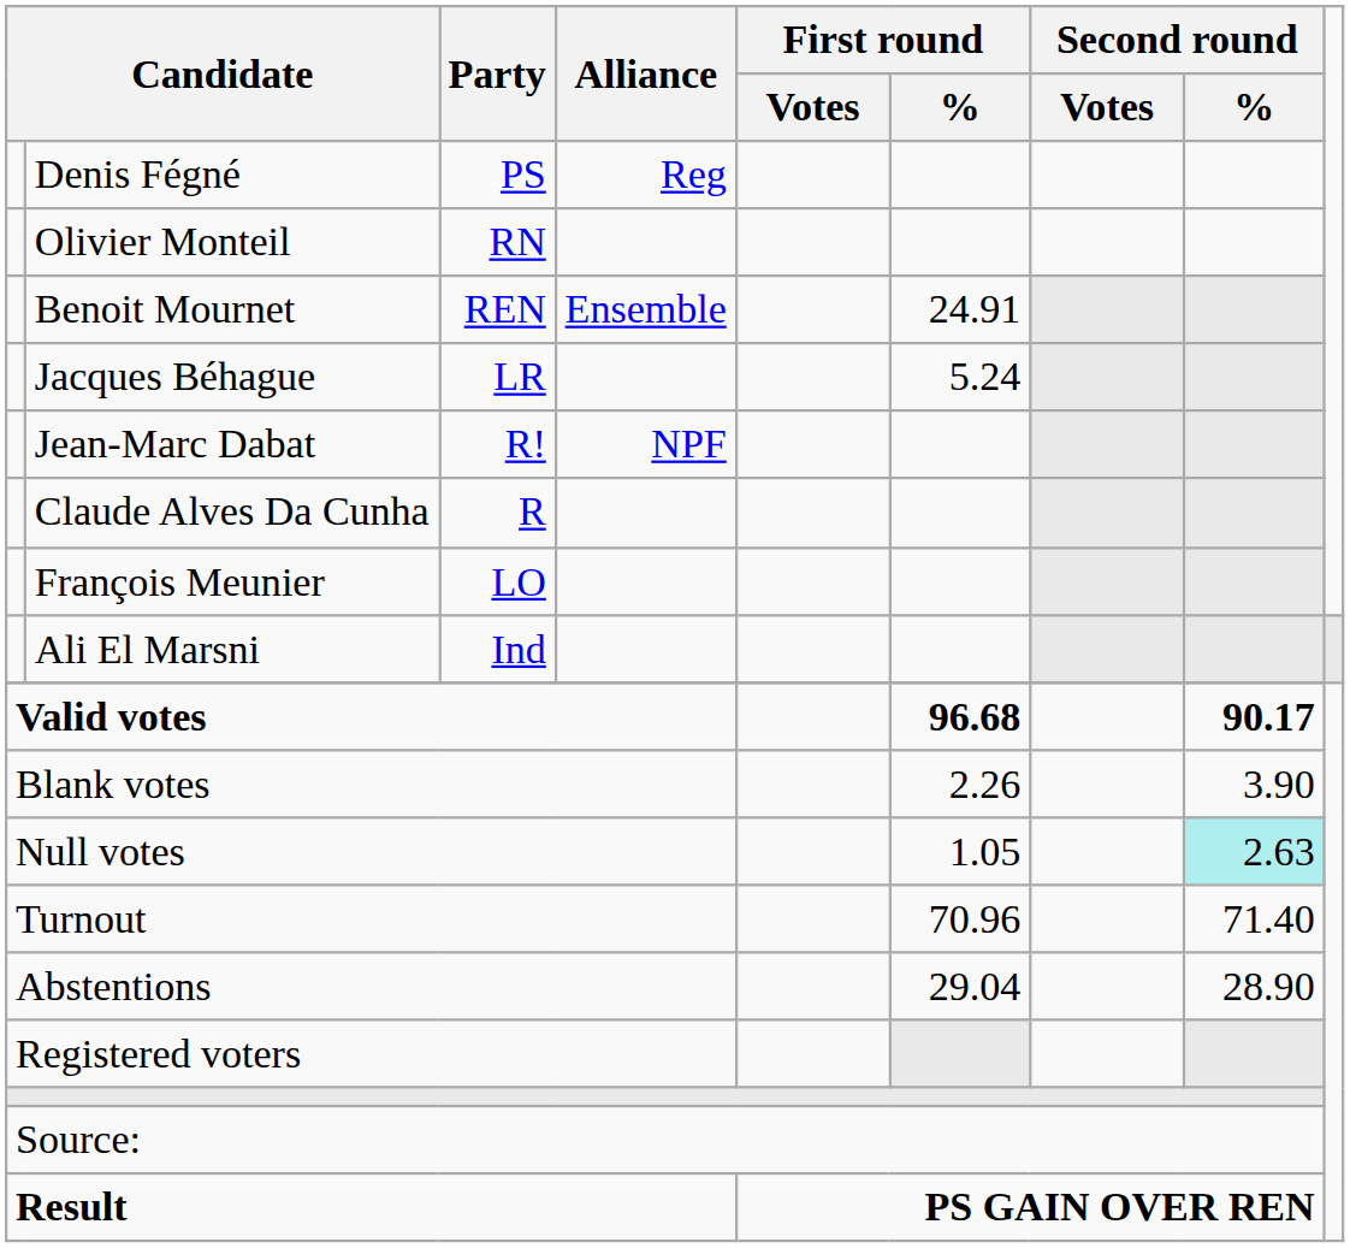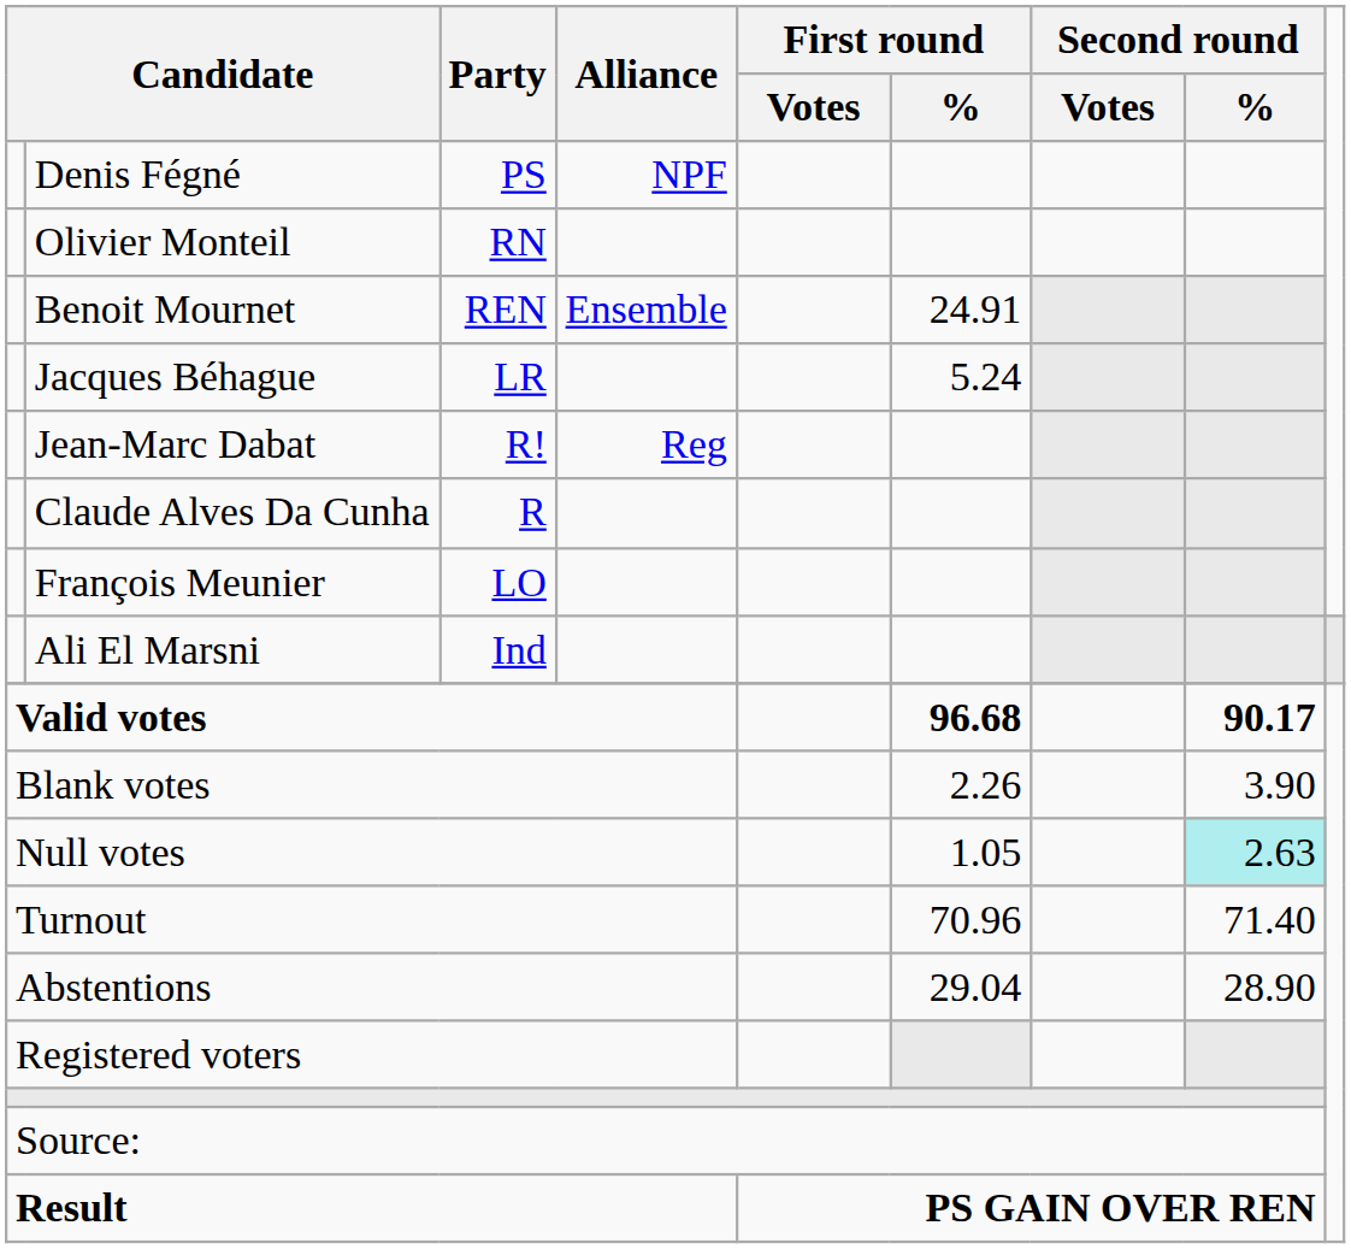 <table class="wikitable" style="text-align:right;font-size:95%;">
 <tr>
 <th colspan="2" rowspan="2">Candidate</th>
 <th colspan="1" rowspan="2">Party</th>
 <th colspan="1" rowspan="2">Alliance</th>
 <th colspan="2">First round</th>
 <th colspan="2">Second round</th>
 </tr>
 <tr>
 <th style="width:50px;">Votes</th>
 <th style="width:45px;">%</th>
 <th style="width:50px;">Votes</th>
 <th style="width:45px;">%</th>
 </tr>
 <tr>
 <td style="color:inherit;background:"></td>
 <td style="text-align:left;">Denis Fégné</td>
 <td><a href='#'>PS</a></td>
-<td><a href='#'>Reg</a></td>
+<td><a href='#'>NPF</a></td>
 <td><strong></strong></td>
 <td><strong></strong></td>
 <td><strong></strong></td>
 <td><strong></strong></td>
 </tr>
 <tr>
 <td style="color:inherit;background:"></td>
 <td style="text-align:left;">Olivier Monteil</td>
 <td><a href='#'>RN</a></td>
 <td></td>
 <td><strong></strong></td>
 <td><strong></strong></td>
 <td></td>
 <td></td>
 </tr>
 <tr>
 <td style="color:inherit;background:"></td>
 <td style="text-align:left;">Benoit Mournet</td>
 <td><a href='#'>REN</a></td>
 <td><a href='#'>Ensemble</a></td>
 <td></td>
 <td>24.91</td>
 <td style="background:#E9E9E9;"></td>
 <td style="background:#E9E9E9;"></td>
 </tr>
 <tr>
 <td style="color:inherit;background:"></td>
 <td style="text-align:left;">Jacques Béhague</td>
 <td><a href='#'>LR</a></td>
 <td></td>
 <td></td>
 <td>5.24</td>
 <td style="background:#E9E9E9;"></td>
 <td style="background:#E9E9E9;"></td>
 </tr>
 <tr>
 <td style="color:inherit;background:"></td>
 <td style="text-align:left;">Jean-Marc Dabat</td>
 <td><a href='#'>R!</a></td>
-<td><a href='#'>NPF</a></td>
+<td><a href='#'>Reg</a></td>
 <td></td>
 <td></td>
 <td style="background:#E9E9E9;"></td>
 <td style="background:#E9E9E9;"></td>
 </tr>
 <tr>
 <td style="color:inherit;background:"></td>
 <td style="text-align:left;">Claude Alves Da Cunha</td>
 <td><a href='#'>R</a></td>
 <td></td>
 <td></td>
 <td></td>
 <td style="background:#E9E9E9;"></td>
 <td style="background:#E9E9E9;"></td>
 </tr>
 <tr>
 <td style="color:inherit;background:"></td>
 <td style="text-align:left;">François Meunier</td>
 <td><a href='#'>LO</a></td>
 <td></td>
 <td></td>
 <td></td>
 <td style="background:#E9E9E9;"></td>
 <td style="background:#E9E9E9;"></td>
 </tr>
 <tr>
 <td style="color:inherit;background:"></td>
 <td style="text-align:left;">Ali El Marsni</td>
 <td><a href='#'>Ind</a></td>
 <td></td>
 <td></td>
 <td></td>
 <td style="background:#E9E9E9;"></td>
 <td style="background:#E9E9E9;"></td>
 <td colspan="8" style="background:#E9E9E9;"></td>
 </tr>
 <tr>
 </tr>
 <tr style="font-weight:bold;">
 <td colspan="4" style="text-align:left;">Valid votes</td>
 <td></td>
 <td>96.68</td>
 <td></td>
 <td>90.17</td>
 </tr>
 <tr>
 <td colspan="4" style="text-align:left;">Blank votes</td>
 <td></td>
 <td>2.26</td>
 <td></td>
 <td>3.90</td>
 </tr>
 <tr>
 <td colspan="4" style="text-align:left;">Null votes</td>
 <td></td>
 <td>1.05</td>
 <td></td>
 <td style="background: paleturquoise;">2.63</td>
 </tr>
 <tr>
 <td colspan="4" style="text-align:left;">Turnout</td>
 <td></td>
 <td>70.96</td>
 <td></td>
 <td>71.40</td>
 </tr>
 <tr>
 <td colspan="4" style="text-align:left;">Abstentions</td>
 <td></td>
 <td>29.04</td>
 <td></td>
 <td>28.90</td>
 </tr>
 <tr>
 <td colspan="4" style="text-align:left;">Registered voters</td>
 <td></td>
 <td style="background:#E9E9E9;"></td>
 <td></td>
 <td style="background:#E9E9E9;"></td>
 </tr>
 <tr>
 <td colspan="8" style="background:#E9E9E9;"></td>
 </tr>
 <tr>
 <td colspan="8" style="text-align:left;">Source: </td>
 </tr>
 <tr style="font-weight:bold">
 <td colspan="4" style="text-align:left;">Result</td>
 <td colspan="4" style="background-color:">PS GAIN OVER REN</td>
 </tr>
 </table>
